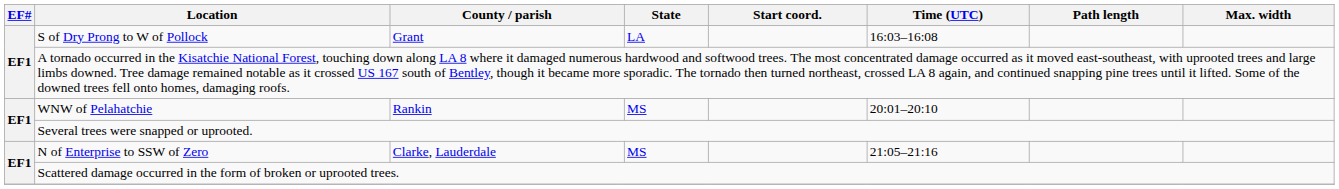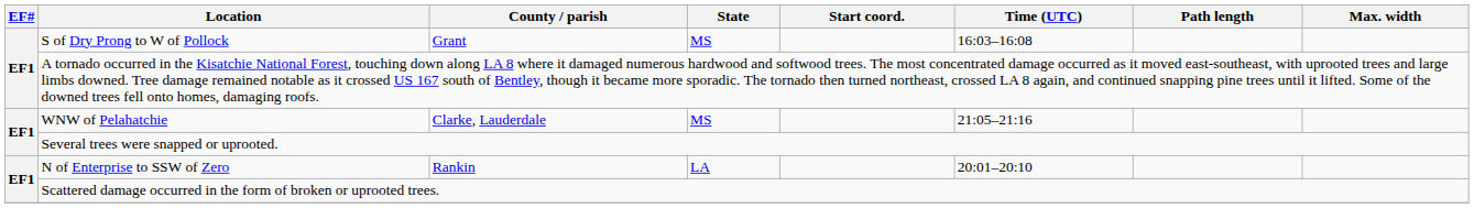 <table class="wikitable sortable" style="width:100%;">
 <tr>
 <th scope="col" width="2%" align="center"><a href='#'>EF#</a></th>
 <th scope="col" align="center" class="unsortable">Location</th>
 <th scope="col" align="center" class="unsortable">County / parish</th>
 <th scope="col" align="center">State</th>
 <th scope="col" align="center">Start coord.</th>
 <th scope="col" align="center">Time (<a href='#'>UTC</a>)</th>
 <th scope="col" align="center">Path length</th>
 <th scope="col" align="center">Max. width</th>
 </tr>
 <tr>
 <th scope="row" rowspan="2" style="background-color:#">EF1</th>
 <td>S of <a href='#'>Dry Prong</a> to W of <a href='#'>Pollock</a></td>
 <td><a href='#'>Grant</a></td>
-<td><a href='#'>LA</a></td>
+<td><a href='#'>MS</a></td>
 <td></td>
 <td>16:03–16:08</td>
 <td></td>
 <td></td>
 </tr>
 <tr class="expand-child">
 <td colspan="8" border-bottom: 1px solid black;>A tornado occurred in the <a href='#'>Kisatchie National Forest</a>, touching down along <a href='#'>LA 8</a> where it damaged numerous hardwood and softwood trees. The most concentrated damage occurred as it moved east-southeast, with uprooted trees and large limbs downed. Tree damage remained notable as it crossed <a href='#'>US 167</a> south of <a href='#'>Bentley</a>, though it became more sporadic. The tornado then turned northeast, crossed LA 8 again, and continued snapping pine trees until it lifted. Some of the downed trees fell onto homes, damaging roofs.</td>
 </tr>
 <tr>
 <th scope="row" rowspan="2" style="background-color:#">EF1</th>
 <td>WNW of <a href='#'>Pelahatchie</a></td>
-<td><a href='#'>Rankin</a></td>
+<td><a href='#'>Clarke</a>, <a href='#'>Lauderdale</a></td>
 <td><a href='#'>MS</a></td>
 <td></td>
-<td>20:01–20:10</td>
+<td>21:05–21:16</td>
 <td></td>
 <td></td>
 </tr>
 <tr class="expand-child">
 <td colspan="8" border-bottom: 1px solid black;>Several trees were snapped or uprooted.</td>
 </tr>
 <tr>
 <th scope="row" rowspan="2" style="background-color:#">EF1</th>
 <td>N of <a href='#'>Enterprise</a> to SSW of <a href='#'>Zero</a></td>
-<td><a href='#'>Clarke</a>, <a href='#'>Lauderdale</a></td>
-<td><a href='#'>MS</a></td>
+<td><a href='#'>Rankin</a></td>
+<td><a href='#'>LA</a></td>
 <td></td>
-<td>21:05–21:16</td>
+<td>20:01–20:10</td>
 <td></td>
 <td></td>
 </tr>
 <tr class="expand-child">
 <td colspan="8" border-bottom: 1px solid black;>Scattered damage occurred in the form of broken or uprooted trees.</td>
 </tr>
 <tr>
 </tr>
 </table>
